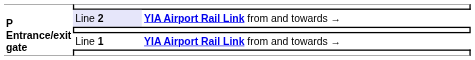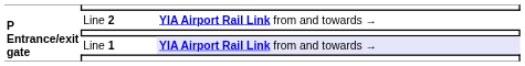 <table cellspacing="0" cellpadding="3">
 <tr>
 <td rowspan="5" style="border-top:solid 1px gray; border-bottom:solid 1px gray" width="75"><br><strong>P</strong><br><strong>Entrance/exit gate</strong></td>
 <td colspan="2" style="border-top:solid 1px gray;border-right:solid 2px black;border-left:solid 2px black;border-bottom:solid 2px black;text-align:center;"></td>
 </tr>
 <tr>
-<td style="background: lavender;">Line <strong>2</strong></td>
+<td>Line <strong>2</strong></td>
 <td> <strong><a href='#'>YIA Airport Rail Link</a></strong> from and towards   →</td>
 </tr>
 <tr>
 <td colspan="2" style="border-top:solid 2px black;border-right:solid 2px black;border-left:solid 2px black;border-bottom:solid 2px black;text-align:center;"></td>
 </tr>
 <tr>
 <td width="100">Line <strong>1</strong></td>
-<td width="500"> <strong><a href='#'>YIA Airport Rail Link</a></strong> from and towards   →</td>
+<td width="500" style="background: lavender;"> <strong><a href='#'>YIA Airport Rail Link</a></strong> from and towards   →</td>
 </tr>
 <tr>
 <td colspan="2" style="border-top:solid 2px black;border-right:solid 2px black;border-left:solid 2px black;border-bottom:solid 1px gray;text-align:center;"></td>
 </tr>
 </table>
